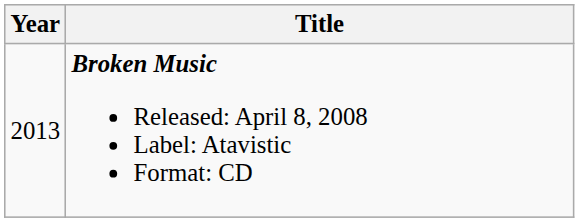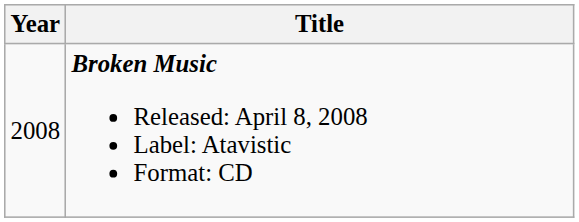 <table class="wikitable">
 <tr>
 <th>Year</th>
 <th style="width:225px;">Title</th>
 </tr>
 <tr>
-<td>2013</td>
+<td>2008</td>
 <td style="width:20em"><strong><em>Broken Music</em></strong><br><ul><li>Released: April 8, 2008</li><li>Label: Atavistic </li><li>Format: CD</li></ul></td>
 </tr>
 </table>
